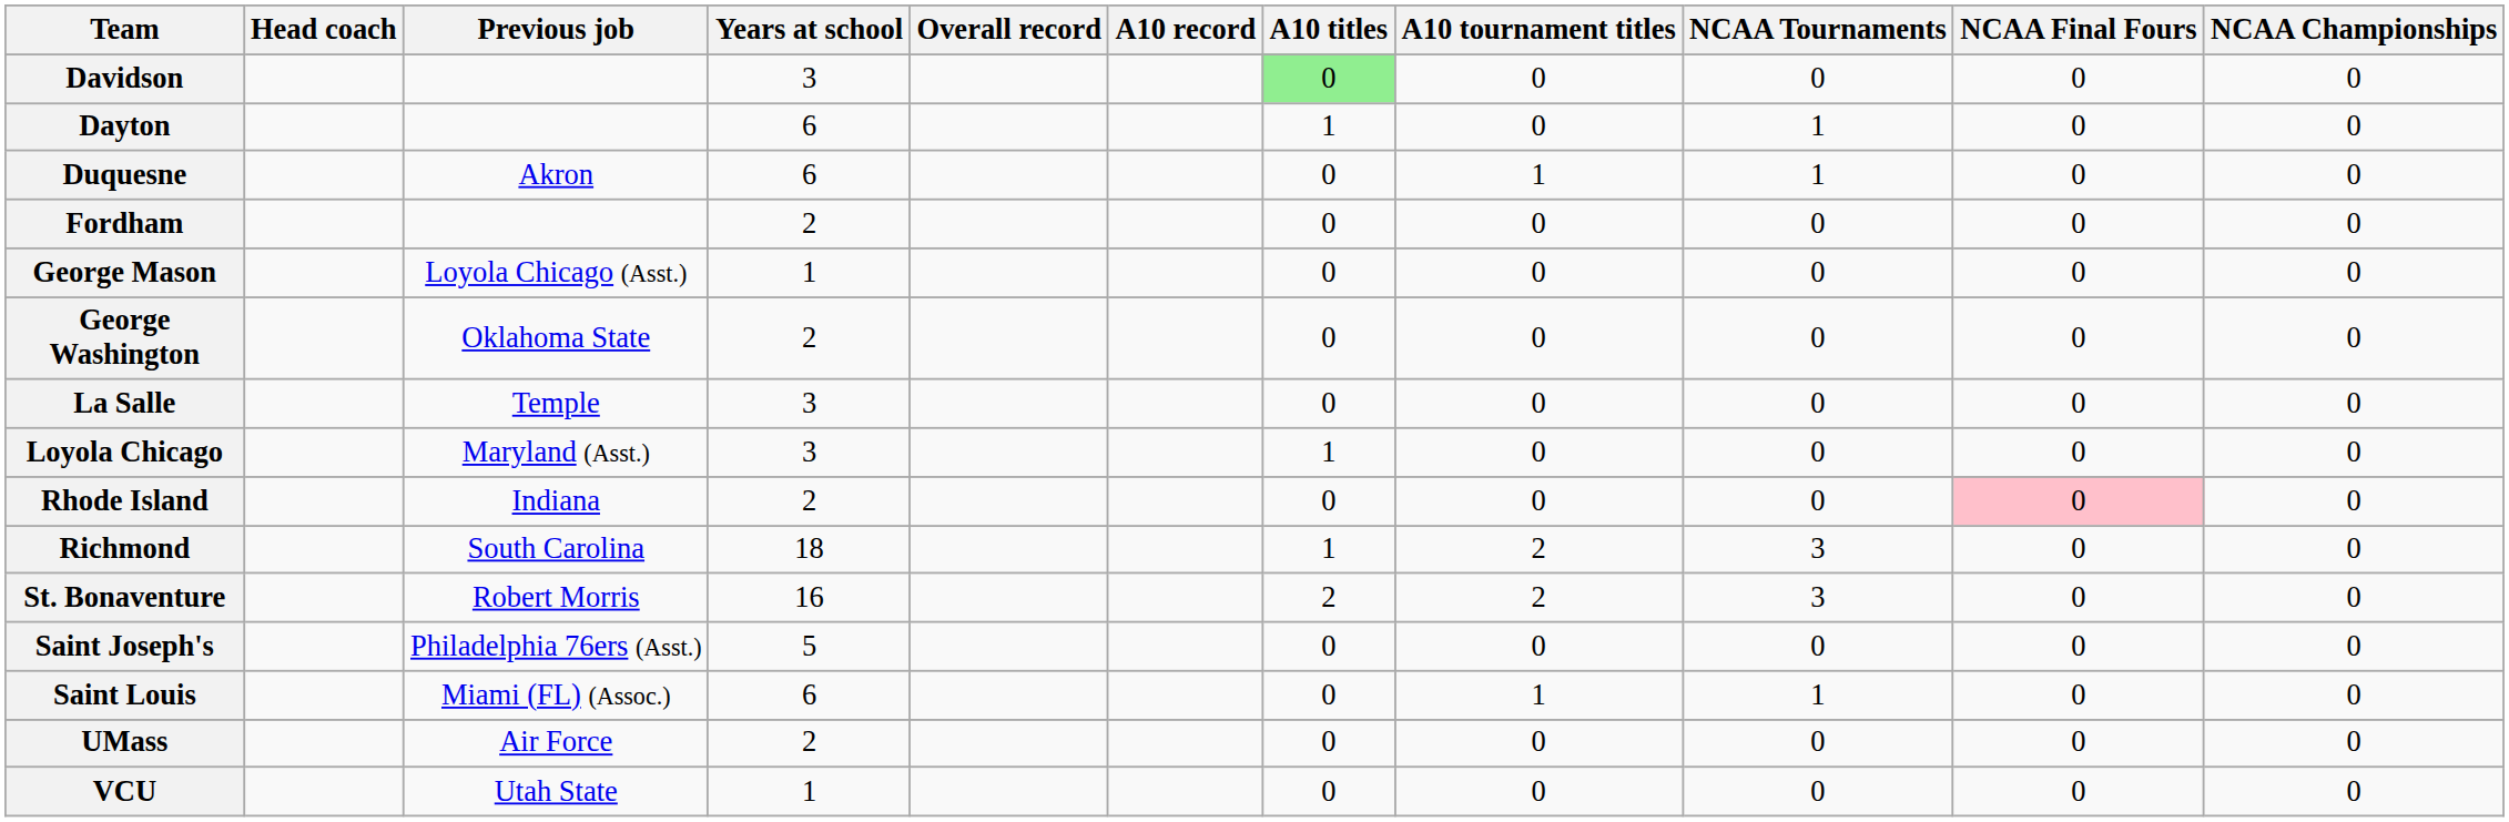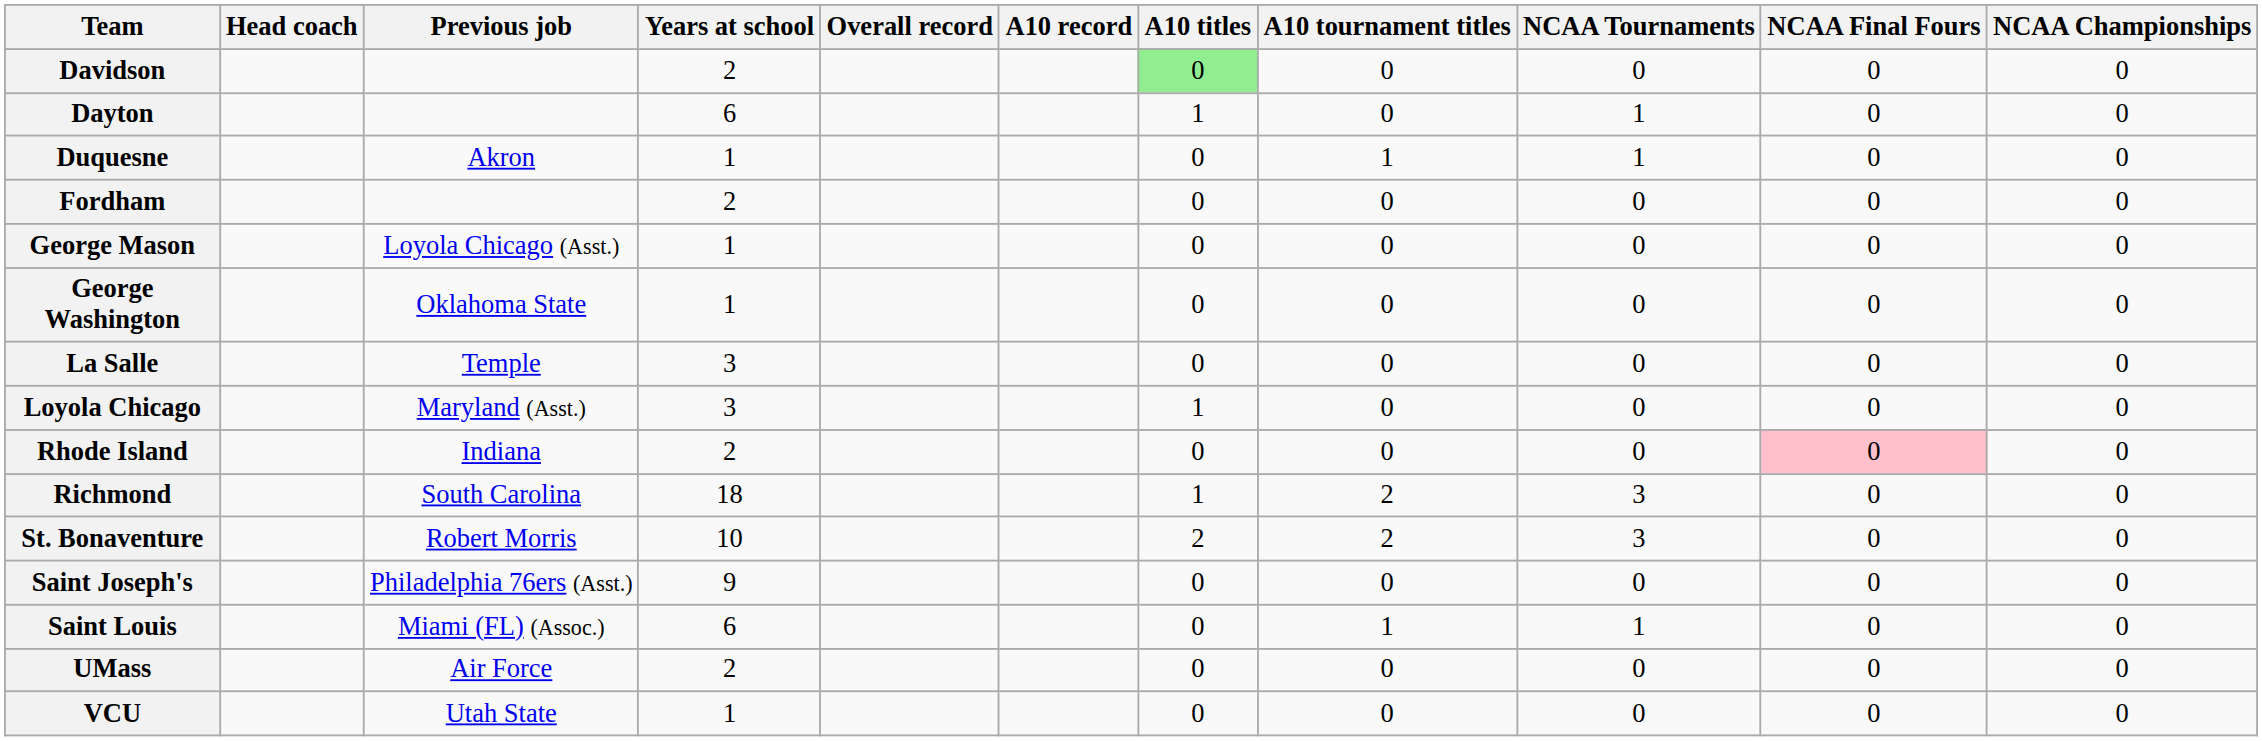 <table class="wikitable sortable" style="text-align: center;font-size:90%;">
 <tr>
 <th width="110">Team</th>
 <th>Head coach</th>
 <th>Previous job</th>
 <th>Years at school</th>
 <th>Overall record</th>
 <th>A10 record</th>
 <th>A10 titles</th>
 <th>A10 tournament titles</th>
 <th>NCAA Tournaments</th>
 <th>NCAA Final Fours</th>
 <th>NCAA Championships</th>
 </tr>
 <tr>
 <th>Davidson</th>
 <td></td>
 <td></td>
-<td>3</td>
+<td>2</td>
 <td></td>
 <td></td>
 <td style="background: lightgreen;">0</td>
 <td>0</td>
 <td>0</td>
 <td>0</td>
 <td>0</td>
 </tr>
 <tr>
 <th>Dayton</th>
 <td></td>
 <td></td>
 <td>6</td>
 <td></td>
 <td></td>
 <td>1</td>
 <td>0</td>
 <td>1</td>
 <td>0</td>
 <td>0</td>
 </tr>
 <tr>
 <th>Duquesne</th>
 <td></td>
 <td><a href='#'>Akron</a></td>
-<td>6</td>
+<td>1</td>
 <td></td>
 <td></td>
 <td>0</td>
 <td>1</td>
 <td>1</td>
 <td>0</td>
 <td>0</td>
 </tr>
 <tr>
 <th>Fordham</th>
 <td></td>
 <td></td>
 <td>2</td>
 <td></td>
 <td></td>
 <td>0</td>
 <td>0</td>
 <td>0</td>
 <td>0</td>
 <td>0</td>
 </tr>
 <tr>
 <th>George Mason</th>
 <td></td>
 <td><a href='#'>Loyola Chicago</a> <small>(Asst.)</small></td>
 <td>1</td>
 <td></td>
 <td></td>
 <td>0</td>
 <td>0</td>
 <td>0</td>
 <td>0</td>
 <td>0</td>
 </tr>
 <tr>
 <th>George Washington</th>
 <td></td>
 <td><a href='#'>Oklahoma State</a></td>
-<td>2</td>
+<td>1</td>
 <td></td>
 <td></td>
 <td>0</td>
 <td>0</td>
 <td>0</td>
 <td>0</td>
 <td>0</td>
 </tr>
 <tr>
 <th>La Salle</th>
 <td></td>
 <td><a href='#'>Temple</a></td>
 <td>3</td>
 <td></td>
 <td></td>
 <td>0</td>
 <td>0</td>
 <td>0</td>
 <td>0</td>
 <td>0</td>
 </tr>
 <tr>
 <th>Loyola Chicago</th>
 <td></td>
 <td><a href='#'>Maryland</a> <small>(Asst.)</small></td>
 <td>3</td>
 <td></td>
 <td></td>
 <td>1</td>
 <td>0</td>
 <td>0</td>
 <td>0</td>
 <td>0</td>
 </tr>
 <tr>
 <th>Rhode Island</th>
 <td></td>
 <td><a href='#'>Indiana</a></td>
 <td>2</td>
 <td></td>
 <td></td>
 <td>0</td>
 <td>0</td>
 <td>0</td>
 <td style="background: pink;">0</td>
 <td>0</td>
 </tr>
 <tr>
 <th>Richmond</th>
 <td></td>
 <td><a href='#'>South Carolina</a></td>
 <td>18</td>
 <td></td>
 <td></td>
 <td>1</td>
 <td>2</td>
 <td>3</td>
 <td>0</td>
 <td>0</td>
 </tr>
 <tr>
 <th>St. Bonaventure</th>
 <td></td>
 <td><a href='#'>Robert Morris</a></td>
-<td>16</td>
+<td>10</td>
 <td></td>
 <td></td>
 <td>2</td>
 <td>2</td>
 <td>3</td>
 <td>0</td>
 <td>0</td>
 </tr>
 <tr>
 <th>Saint Joseph's</th>
 <td></td>
 <td><a href='#'>Philadelphia 76ers</a> <small>(Asst.)</small></td>
-<td>5</td>
+<td>9</td>
 <td></td>
 <td></td>
 <td>0</td>
 <td>0</td>
 <td>0</td>
 <td>0</td>
 <td>0</td>
 </tr>
 <tr>
 <th>Saint Louis</th>
 <td></td>
 <td><a href='#'>Miami (FL)</a> <small>(Assoc.)</small></td>
 <td>6</td>
 <td></td>
 <td></td>
 <td>0</td>
 <td>1</td>
 <td>1</td>
 <td>0</td>
 <td>0</td>
 </tr>
 <tr>
 <th>UMass</th>
 <td></td>
 <td><a href='#'>Air Force</a></td>
 <td>2</td>
 <td></td>
 <td></td>
 <td>0</td>
 <td>0</td>
 <td>0</td>
 <td>0</td>
 <td>0</td>
 </tr>
 <tr>
 <th>VCU</th>
 <td></td>
 <td><a href='#'>Utah State</a></td>
 <td>1</td>
 <td></td>
 <td></td>
 <td>0</td>
 <td>0</td>
 <td>0</td>
 <td>0</td>
 <td>0</td>
 </tr>
 </table>
